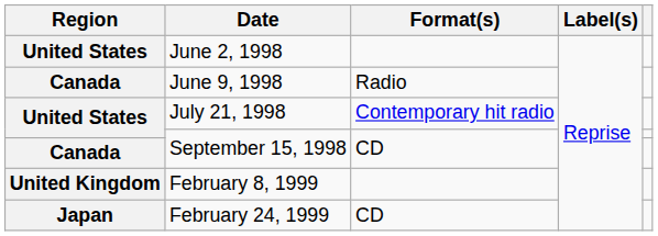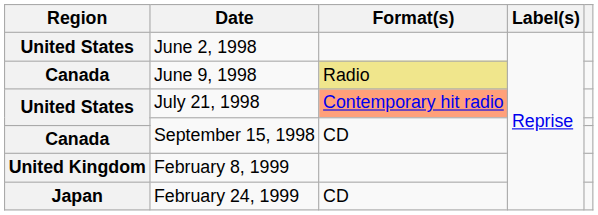 <table class="wikitable plainrowheaders">
 <tr>
 <th scope="col">Region</th>
 <th scope="col">Date</th>
 <th scope="col">Format(s)</th>
 <th scope="col">Label(s)</th>
 <th scope="col"></th>
 </tr>
 <tr>
 <th scope="row">United States</th>
 <td>June 2, 1998</td>
 <td></td>
 <td rowspan="7"><a href='#'>Reprise</a></td>
 <td></td>
 </tr>
 <tr>
 <th scope="row">Canada</th>
 <td>June 9, 1998</td>
-<td>Radio</td>
+<td style="background: khaki;">Radio</td>
 <td></td>
 </tr>
 <tr>
 <th scope="row" rowspan="2">United States</th>
 <td>July 21, 1998</td>
-<td><a href='#'>Contemporary hit radio</a></td>
+<td style="background: lightsalmon;"><a href='#'>Contemporary hit radio</a></td>
 <td></td>
 </tr>
 <tr>
 <td rowspan="2">September 15, 1998</td>
 <td rowspan="2">CD</td>
 <td></td>
 </tr>
 <tr>
 <th scope="row">Canada</th>
 <td></td>
 </tr>
 <tr>
 <th scope="row">United Kingdom</th>
 <td>February 8, 1999</td>
 <td></td>
 <td></td>
 </tr>
 <tr>
 <th scope="row">Japan</th>
 <td>February 24, 1999</td>
 <td>CD</td>
 <td></td>
 </tr>
 </table>
